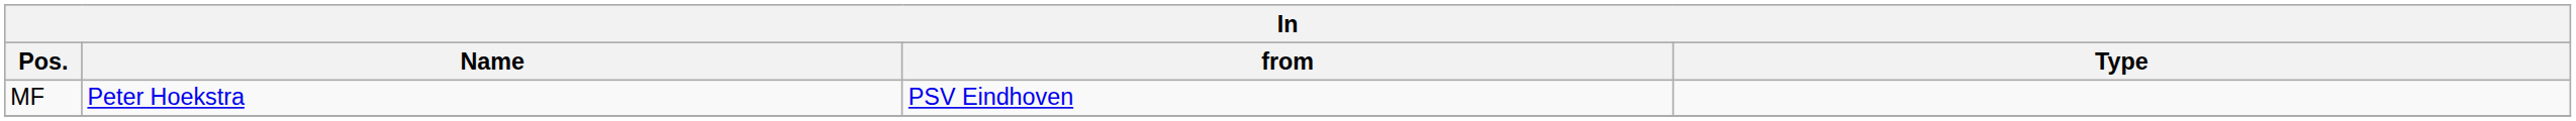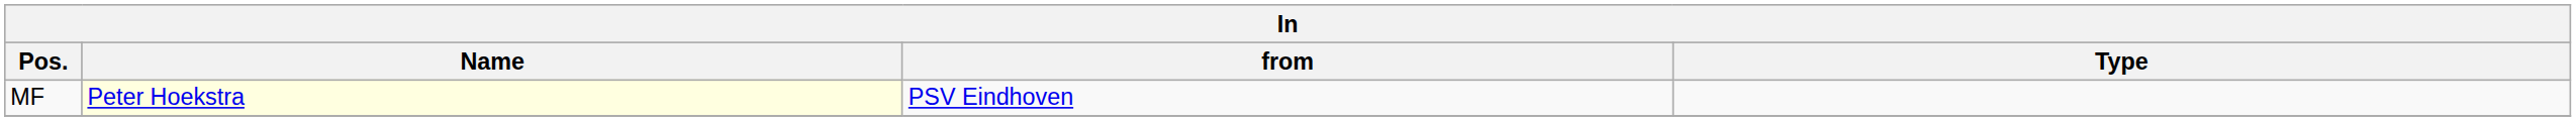 <table class="wikitable" style="font-size:90%;width:99%;">
 <tr>
 <th colspan="4">In</th>
 </tr>
 <tr>
 <th width=3%>Pos.</th>
 <th width=32%>Name</th>
 <th width=30%>from</th>
 <th width=35%>Type</th>
 </tr>
 <tr>
 <td>MF</td>
-<td><a href='#'>Peter Hoekstra</a></td>
+<td style="background: lightyellow;"><a href='#'>Peter Hoekstra</a></td>
 <td><a href='#'>PSV Eindhoven</a></td>
 <td></td>
 </tr>
 <tr>
 </tr>
 </table>
